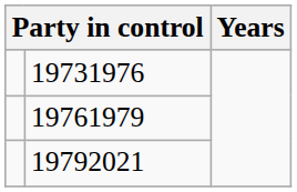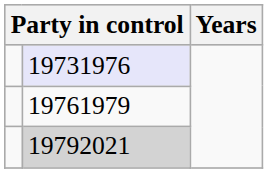 <table class="wikitable">
 <tr>
 <th colspan="2">Party in control</th>
 <th>Years</th>
 </tr>
 <tr>
 <td></td>
-<td>19731976</td>
+<td style="background: lavender;">19731976</td>
 </tr>
 <tr>
 <td></td>
 <td>19761979</td>
 </tr>
 <tr>
 <td></td>
-<td>19792021</td>
+<td style="background: lightgrey;">19792021</td>
 </tr>
 </table>
